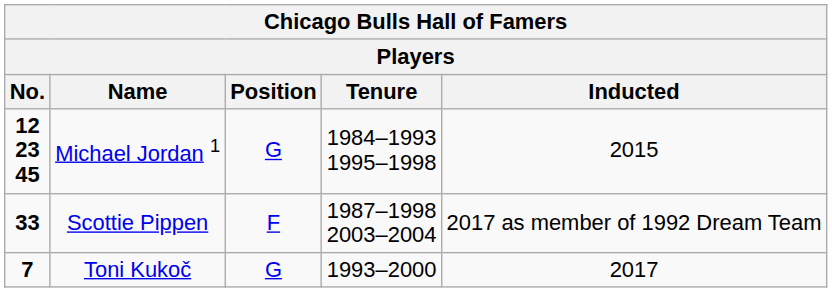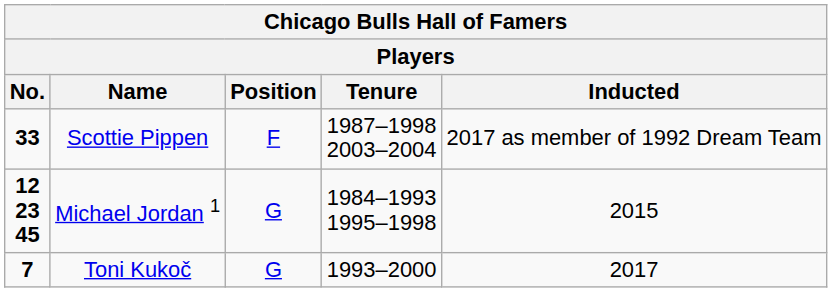 <table class="wikitable" style="text-align:center">
 <tr>
 <th colspan="5">Chicago Bulls Hall of Famers</th>
 </tr>
 <tr>
 <th colspan="5" style="text-align:center; ">Players</th>
 </tr>
 <tr>
 <th>No.</th>
 <th>Name</th>
 <th>Position</th>
 <th>Tenure</th>
 <th>Inducted</th>
 </tr>
 <tr>
+<td><strong>33</strong></td>
+<td><a href='#'>Scottie Pippen</a></td>
+<td><a href='#'>F</a></td>
+<td>1987–1998<br>2003–2004</td>
+<td>2017 as member of 1992 Dream Team</td>
+</tr>
+<tr>
 <td><strong>12</strong><br><strong>23</strong><br><strong>45</strong></td>
 <td><a href='#'>Michael Jordan</a> <sup>1</sup></td>
 <td><a href='#'>G</a></td>
 <td>1984–1993<br>1995–1998</td>
 <td>2015</td>
-</tr>
-<tr>
-<td><strong>33</strong></td>
-<td><a href='#'>Scottie Pippen</a></td>
-<td><a href='#'>F</a></td>
-<td>1987–1998<br>2003–2004</td>
-<td>2017 as member of 1992 Dream Team</td>
 </tr>
 <tr>
 <td><strong>7</strong></td>
 <td><a href='#'>Toni Kukoč</a></td>
 <td><a href='#'>G</a></td>
 <td>1993–2000</td>
 <td>2017</td>
 </tr>
 </table>
